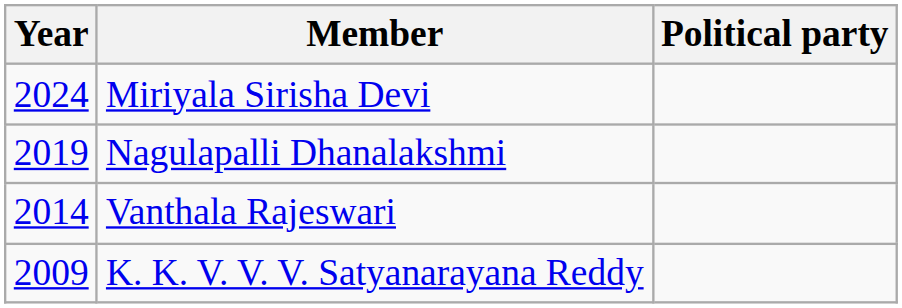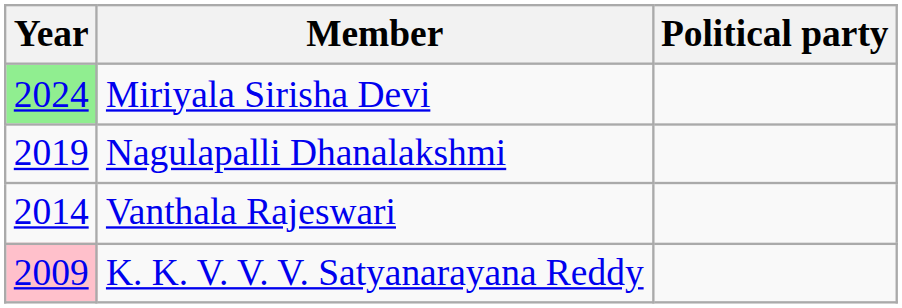 <table class="wikitable sortable">
 <tr>
 <th>Year</th>
 <th>Member</th>
 <th colspan="2">Political party</th>
 </tr>
 <tr>
-<td><a href='#'>2024</a></td>
+<td style="background: lightgreen;"><a href='#'>2024</a></td>
 <td><a href='#'>Miriyala Sirisha Devi</a></td>
 <td></td>
 </tr>
 <tr>
 <td><a href='#'>2019</a></td>
 <td><a href='#'>Nagulapalli Dhanalakshmi</a></td>
 <td></td>
 </tr>
 <tr>
 <td><a href='#'>2014</a></td>
 <td><a href='#'>Vanthala Rajeswari</a></td>
 </tr>
 <tr>
-<td><a href='#'>2009</a></td>
+<td style="background: pink;"><a href='#'>2009</a></td>
 <td><a href='#'>K. K. V. V. V. Satyanarayana Reddy</a></td>
 <td></td>
 </tr>
 </table>
